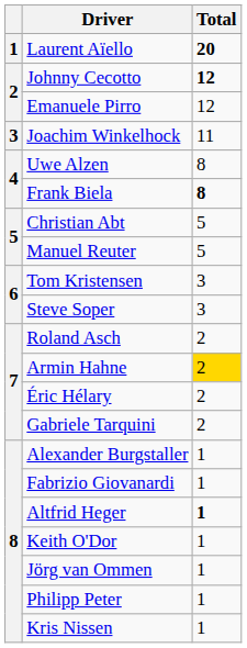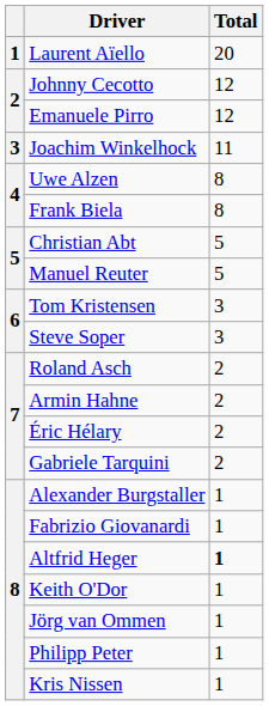 <table class="wikitable" style="font-size:100%;">
 <tr>
 <th></th>
 <th>Driver</th>
 <th>Total</th>
 </tr>
 <tr>
 <th>1</th>
 <td> <a href='#'>Laurent Aïello</a></td>
-<td><strong>20</strong></td>
+<td>20</td>
 </tr>
 <tr>
 <th rowspan=2>2</th>
 <td> <a href='#'>Johnny Cecotto</a></td>
-<td><strong>12</strong></td>
+<td>12</td>
 </tr>
 <tr>
 <td> <a href='#'>Emanuele Pirro</a></td>
 <td>12</td>
 </tr>
 <tr>
 <th>3</th>
 <td> <a href='#'>Joachim Winkelhock</a></td>
 <td>11</td>
 </tr>
 <tr>
 <th rowspan=2>4</th>
 <td> <a href='#'>Uwe Alzen</a></td>
 <td>8</td>
 </tr>
 <tr>
 <td> <a href='#'>Frank Biela</a></td>
-<td><strong>8</strong></td>
+<td>8</td>
 </tr>
 <tr>
 <th rowspan=2>5</th>
 <td> <a href='#'>Christian Abt</a></td>
 <td>5</td>
 </tr>
 <tr>
 <td> <a href='#'>Manuel Reuter</a></td>
 <td>5</td>
 </tr>
 <tr>
 <th rowspan=2>6</th>
 <td> <a href='#'>Tom Kristensen</a></td>
 <td>3</td>
 </tr>
 <tr>
 <td> <a href='#'>Steve Soper</a></td>
 <td>3</td>
 </tr>
 <tr>
 <th rowspan=4>7</th>
 <td> <a href='#'>Roland Asch</a></td>
 <td>2</td>
 </tr>
 <tr>
 <td> <a href='#'>Armin Hahne</a></td>
-<td style="background: gold;">2</td>
+<td>2</td>
 </tr>
 <tr>
 <td> <a href='#'>Éric Hélary</a></td>
 <td>2</td>
 </tr>
 <tr>
 <td> <a href='#'>Gabriele Tarquini</a></td>
 <td>2</td>
 </tr>
 <tr>
 <th rowspan=7>8</th>
 <td> <a href='#'>Alexander Burgstaller</a></td>
 <td>1</td>
 </tr>
 <tr>
 <td> <a href='#'>Fabrizio Giovanardi</a></td>
 <td>1</td>
 </tr>
 <tr>
 <td> <a href='#'>Altfrid Heger</a></td>
 <td><strong>1</strong></td>
 </tr>
 <tr>
 <td> <a href='#'>Keith O'Dor</a></td>
 <td>1</td>
 </tr>
 <tr>
 <td> <a href='#'>Jörg van Ommen</a></td>
 <td>1</td>
 </tr>
 <tr>
 <td> <a href='#'>Philipp Peter</a></td>
 <td>1</td>
 </tr>
 <tr>
 <td> <a href='#'>Kris Nissen</a></td>
 <td>1</td>
 </tr>
 </table>
